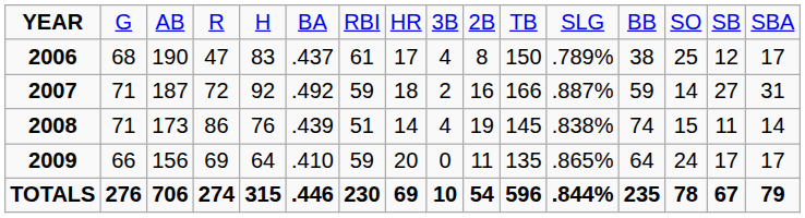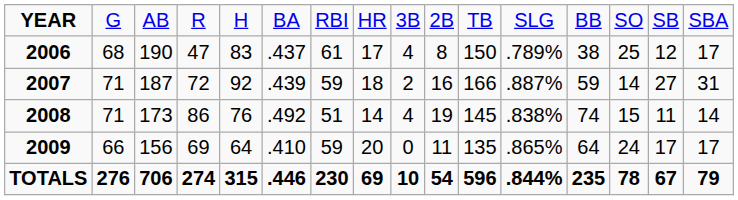 <table class="wikitable">
 <tr align=center>
 <td><strong>YEAR</strong></td>
 <td><a href='#'>G</a></td>
 <td><a href='#'>AB</a></td>
 <td><a href='#'>R</a></td>
 <td><a href='#'>H</a></td>
 <td><a href='#'>BA</a></td>
 <td><a href='#'>RBI</a></td>
 <td><a href='#'>HR</a></td>
 <td><a href='#'>3B</a></td>
 <td><a href='#'>2B</a></td>
 <td><a href='#'>TB</a></td>
 <td><a href='#'>SLG</a></td>
 <td><a href='#'>BB</a></td>
 <td><a href='#'>SO</a></td>
 <td><a href='#'>SB</a></td>
 <td><a href='#'>SBA</a></td>
 </tr>
 <tr align=center>
 <td><strong>2006</strong></td>
 <td>68</td>
 <td>190</td>
 <td>47</td>
 <td>83</td>
 <td>.437</td>
 <td>61</td>
 <td>17</td>
 <td>4</td>
 <td>8</td>
 <td>150</td>
 <td>.789%</td>
 <td>38</td>
 <td>25</td>
 <td>12</td>
 <td>17</td>
 </tr>
 <tr align=center>
 <td><strong>2007</strong></td>
 <td>71</td>
 <td>187</td>
 <td>72</td>
 <td>92</td>
-<td>.492</td>
+<td>.439</td>
 <td>59</td>
 <td>18</td>
 <td>2</td>
 <td>16</td>
 <td>166</td>
 <td>.887%</td>
 <td>59</td>
 <td>14</td>
 <td>27</td>
 <td>31</td>
 </tr>
 <tr align=center>
 <td><strong>2008</strong></td>
 <td>71</td>
 <td>173</td>
 <td>86</td>
 <td>76</td>
-<td>.439</td>
+<td>.492</td>
 <td>51</td>
 <td>14</td>
 <td>4</td>
 <td>19</td>
 <td>145</td>
 <td>.838%</td>
 <td>74</td>
 <td>15</td>
 <td>11</td>
 <td>14</td>
 </tr>
 <tr align=center>
 <td><strong>2009</strong></td>
 <td>66</td>
 <td>156</td>
 <td>69</td>
 <td>64</td>
 <td>.410</td>
 <td>59</td>
 <td>20</td>
 <td>0</td>
 <td>11</td>
 <td>135</td>
 <td>.865%</td>
 <td>64</td>
 <td>24</td>
 <td>17</td>
 <td>17</td>
 </tr>
 <tr align=center>
 <td><strong>TOTALS</strong></td>
 <td><strong>276</strong></td>
 <td><strong>706</strong></td>
 <td><strong>274</strong></td>
 <td><strong>315</strong></td>
 <td><strong>.446</strong></td>
 <td><strong>230</strong></td>
 <td><strong>69</strong></td>
 <td><strong>10</strong></td>
 <td><strong>54</strong></td>
 <td><strong>596</strong></td>
 <td><strong>.844%</strong></td>
 <td><strong>235</strong></td>
 <td><strong>78</strong></td>
 <td><strong>67</strong></td>
 <td><strong>79</strong></td>
 </tr>
 </table>
